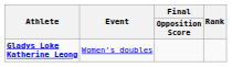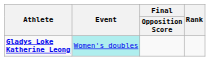 <table class="wikitable" style="font-size:90%">
 <tr>
 <th rowspan=2>Athlete</th>
 <th rowspan=2>Event</th>
 <th>Final</th>
 <th rowspan=2>Rank</th>
 </tr>
 <tr style="font-size:95%">
 <th>Opposition<br>Score</th>
 </tr>
 <tr>
 <td><strong><a href='#'>Gladys Loke</a><br><a href='#'>Katherine Leong</a></strong></td>
-<td><a href='#'>Women's doubles</a></td>
+<td style="background: paleturquoise;"><a href='#'>Women's doubles</a></td>
 <td></td>
 <td align=center></td>
 </tr>
 </table>
